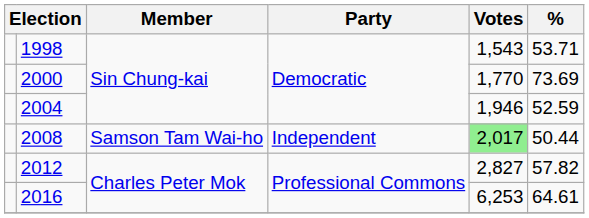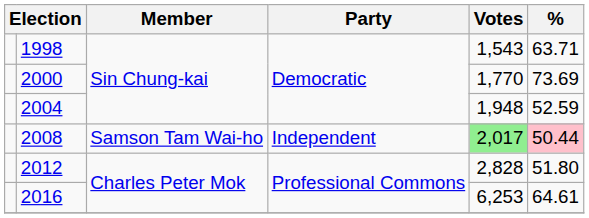 <table class="wikitable">
 <tr>
 <th colspan="2">Election</th>
 <th>Member</th>
 <th>Party</th>
 <th>Votes</th>
 <th>%</th>
 </tr>
 <tr>
 <td style="background-color: "></td>
 <td><a href='#'>1998</a></td>
 <td rowspan=3><a href='#'>Sin Chung-kai</a></td>
 <td rowspan=3><a href='#'>Democratic</a></td>
 <td align=right>1,543</td>
-<td align=right>53.71</td>
+<td align=right>63.71</td>
 </tr>
 <tr>
 <td style="background-color: "></td>
 <td><a href='#'>2000</a></td>
 <td align=right>1,770</td>
 <td align=right>73.69</td>
 </tr>
 <tr>
 <td style="background-color: "></td>
 <td><a href='#'>2004</a></td>
-<td align=right>1,946</td>
+<td align=right>1,948</td>
 <td align=right>52.59</td>
 </tr>
 <tr>
 <td style="background-color: "></td>
 <td><a href='#'>2008</a></td>
 <td><a href='#'>Samson Tam Wai-ho</a></td>
 <td><a href='#'>Independent</a></td>
 <td align=right style="background: lightgreen;">2,017</td>
-<td align=right>50.44</td>
+<td align=right style="background: pink;">50.44</td>
 </tr>
 <tr>
 <td style="background-color: "></td>
 <td><a href='#'>2012</a></td>
 <td rowspan=2><a href='#'>Charles Peter Mok</a></td>
 <td rowspan=2><a href='#'>Professional Commons</a></td>
-<td align=right>2,827</td>
-<td align=right>57.82</td>
+<td align=right>2,828</td>
+<td align=right>51.80</td>
 </tr>
 <tr>
 <td style="background-color: "></td>
 <td><a href='#'>2016</a></td>
 <td align=right>6,253</td>
 <td align=right>64.61</td>
 </tr>
 <tr>
 </tr>
 </table>
